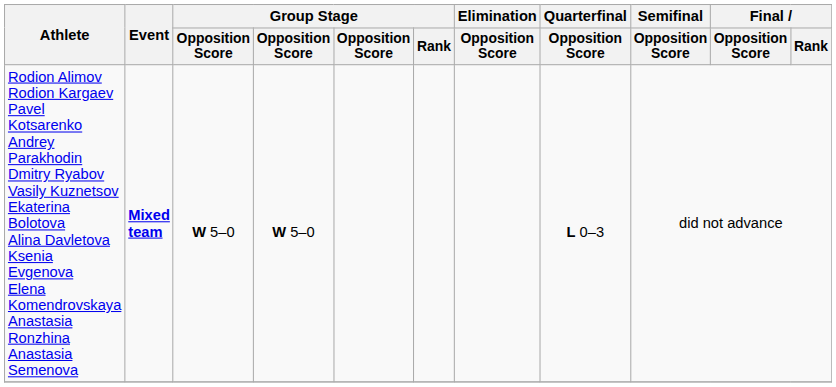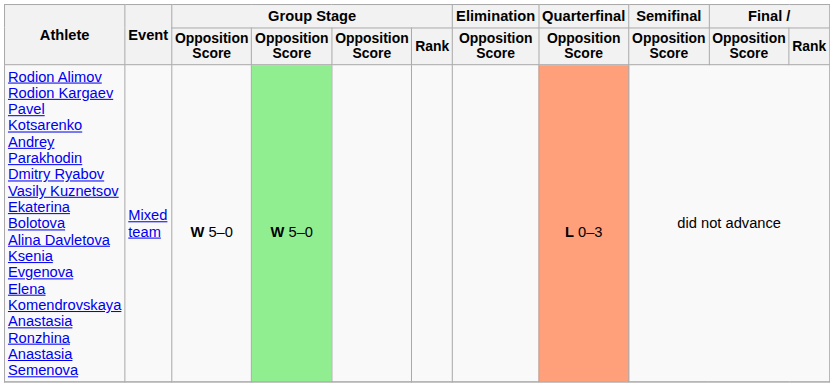 <table class="wikitable" style="text-align:center; font-size:90%">
 <tr>
 <th rowspan=2>Athlete</th>
 <th rowspan=2>Event</th>
 <th colspan=4>Group Stage</th>
 <th>Elimination</th>
 <th>Quarterfinal</th>
 <th>Semifinal</th>
 <th colspan=2>Final / </th>
 </tr>
 <tr style="font-size:95%">
 <th>Opposition<br>Score</th>
 <th>Opposition<br>Score</th>
 <th>Opposition<br>Score</th>
 <th>Rank</th>
 <th>Opposition<br>Score</th>
 <th>Opposition<br>Score</th>
 <th>Opposition<br>Score</th>
 <th>Opposition<br>Score</th>
 <th>Rank</th>
 </tr>
 <tr>
 <td align=left><a href='#'>Rodion Alimov</a><br><a href='#'>Rodion Kargaev</a><br><a href='#'>Pavel Kotsarenko</a><br><a href='#'>Andrey Parakhodin</a><br><a href='#'>Dmitry Ryabov</a><br><a href='#'>Vasily Kuznetsov</a><br><a href='#'>Ekaterina Bolotova</a><br><a href='#'>Alina Davletova</a><br><a href='#'>Ksenia Evgenova</a><br><a href='#'>Elena Komendrovskaya</a><br><a href='#'>Anastasia Ronzhina</a><br><a href='#'>Anastasia Semenova</a></td>
-<td align=left><strong><a href='#'>Mixed team</a></strong></td>
+<td align=left><a href='#'>Mixed team</a></td>
 <td><br><strong>W</strong> 5–0</td>
-<td><br><strong>W</strong> 5–0</td>
+<td style="background: lightgreen;"><br><strong>W</strong> 5–0</td>
 <td></td>
 <td></td>
 <td></td>
-<td><br><strong>L</strong> 0–3</td>
+<td style="background: lightsalmon;"><br><strong>L</strong> 0–3</td>
 <td colspan=3>did not advance</td>
 </tr>
 <tr>
 </tr>
 </table>
